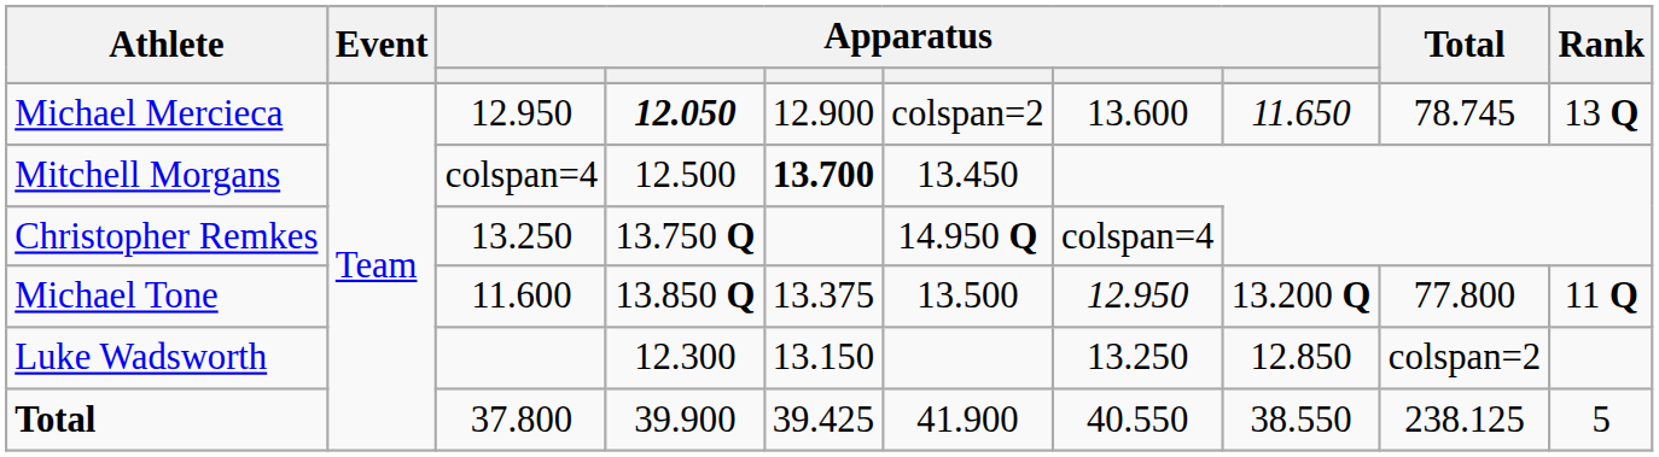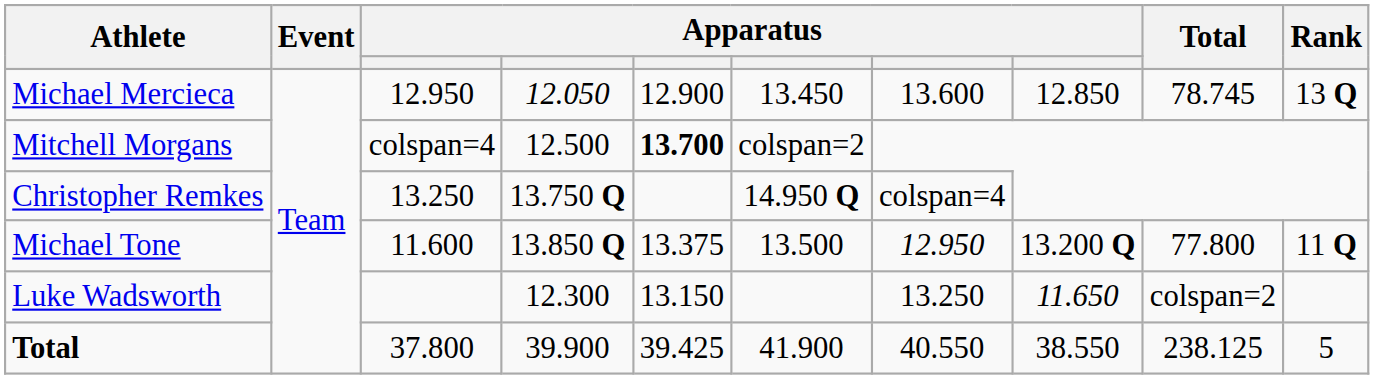 <table class=wikitable style=font-size:90%;text-align:center>
 <tr>
 <th rowspan=2>Athlete</th>
 <th rowspan=2>Event</th>
 <th colspan=6>Apparatus</th>
 <th rowspan=2>Total</th>
 <th rowspan=2>Rank</th>
 </tr>
 <tr style=font-size:95%>
 <th></th>
 <th></th>
 <th></th>
 <th></th>
 <th></th>
 <th></th>
 </tr>
 <tr>
 <td align=left><a href='#'>Michael Mercieca</a></td>
 <td align=left rowspan=6><a href='#'>Team</a></td>
 <td>12.950</td>
-<td><strong><em>12.050</em></strong></td>
+<td><em>12.050</em></td>
 <td>12.900</td>
-<td>colspan=2 </td>
+<td>13.450</td>
 <td>13.600</td>
-<td><em>11.650</em></td>
+<td>12.850</td>
 <td>78.745</td>
 <td>13 <strong>Q</strong></td>
 </tr>
 <tr>
 <td align=left><a href='#'>Mitchell Morgans</a></td>
 <td>colspan=4 </td>
 <td>12.500</td>
 <td><strong>13.700</strong></td>
-<td>13.450</td>
+<td>colspan=2 </td>
 </tr>
 <tr>
 <td align=left><a href='#'>Christopher Remkes</a></td>
 <td>13.250</td>
 <td>13.750 <strong>Q</strong></td>
 <td></td>
 <td>14.950 <strong>Q</strong></td>
 <td>colspan=4 </td>
 </tr>
 <tr>
 <td align=left><a href='#'>Michael Tone</a></td>
 <td>11.600</td>
 <td>13.850 <strong>Q</strong></td>
 <td>13.375</td>
 <td>13.500</td>
 <td><em>12.950</em></td>
 <td>13.200 <strong>Q</strong></td>
 <td>77.800</td>
 <td>11 <strong>Q</strong></td>
 </tr>
 <tr>
 <td align=left><a href='#'>Luke Wadsworth</a></td>
 <td></td>
 <td>12.300</td>
 <td>13.150</td>
 <td></td>
 <td>13.250</td>
-<td>12.850</td>
+<td><em>11.650</em></td>
 <td>colspan=2 </td>
 </tr>
 <tr>
 <td align=left><strong>Total</strong></td>
 <td>37.800</td>
 <td>39.900</td>
 <td>39.425</td>
 <td>41.900</td>
 <td>40.550</td>
 <td>38.550</td>
 <td>238.125</td>
 <td>5</td>
 </tr>
 </table>
